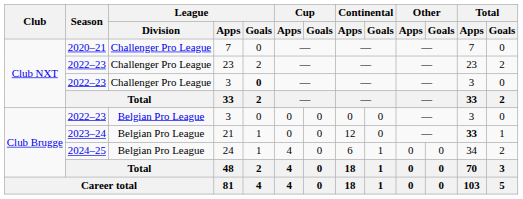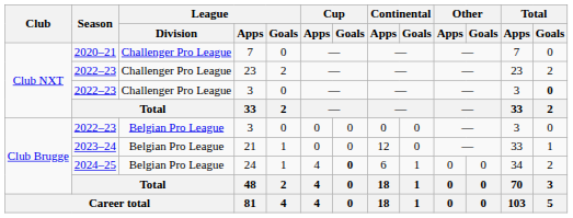 <table class=wikitable style=text-align:center>
 <tr>
 <th rowspan=2>Club</th>
 <th rowspan=2>Season</th>
 <th colspan=3>League</th>
 <th colspan=2>Cup</th>
 <th colspan=2>Continental</th>
 <th colspan=2>Other</th>
 <th colspan=2>Total</th>
 </tr>
 <tr>
 <th>Division</th>
 <th>Apps</th>
 <th>Goals</th>
 <th>Apps</th>
 <th>Goals</th>
 <th>Apps</th>
 <th>Goals</th>
 <th>Apps</th>
 <th>Goals</th>
 <th>Apps</th>
 <th>Goals</th>
 </tr>
 <tr>
 <td rowspan="4"><a href='#'>Club NXT</a></td>
 <td><a href='#'>2020–21</a></td>
 <td><a href='#'>Challenger Pro League</a></td>
 <td>7</td>
 <td>0</td>
 <td colspan="2">—</td>
 <td colspan="2">—</td>
 <td colspan="2">—</td>
 <td>7</td>
 <td>0</td>
 </tr>
 <tr>
 <td><a href='#'>2022–23</a></td>
 <td>Challenger Pro League</td>
 <td>23</td>
 <td>2</td>
 <td colspan="2">—</td>
 <td colspan="2">—</td>
 <td colspan="2">—</td>
 <td>23</td>
 <td>2</td>
 </tr>
 <tr>
 <td><a href='#'>2022–23</a></td>
 <td>Challenger Pro League</td>
 <td>3</td>
-<td><strong>0</strong></td>
+<td>0</td>
 <td colspan="2">—</td>
 <td colspan="2">—</td>
 <td colspan="2">—</td>
 <td>3</td>
-<td>0</td>
+<td><strong>0</strong></td>
 </tr>
 <tr>
 <th colspan=2>Total</th>
 <th>33</th>
 <th>2</th>
 <th colspan="2">—</th>
 <th colspan="2">—</th>
 <th colspan="2">—</th>
 <th>33</th>
 <th>2</th>
 </tr>
 <tr>
 <td rowspan="4"><a href='#'>Club Brugge</a></td>
 <td><a href='#'>2022–23</a></td>
 <td><a href='#'>Belgian Pro League</a></td>
 <td>3</td>
 <td>0</td>
 <td>0</td>
 <td>0</td>
 <td>0</td>
 <td>0</td>
 <td colspan="2">—</td>
 <td>3</td>
 <td>0</td>
 </tr>
 <tr>
 <td><a href='#'>2023–24</a></td>
 <td>Belgian Pro League</td>
 <td>21</td>
 <td>1</td>
 <td>0</td>
 <td>0</td>
 <td>12</td>
 <td>0</td>
 <td colspan="2">—</td>
-<td><strong>33</strong></td>
+<td>33</td>
 <td>1</td>
 </tr>
 <tr>
 <td><a href='#'>2024–25</a></td>
 <td>Belgian Pro League</td>
 <td>24</td>
 <td>1</td>
 <td>4</td>
-<td>0</td>
+<td><strong>0</strong></td>
 <td>6</td>
 <td>1</td>
 <td>0</td>
 <td>0</td>
 <td>34</td>
 <td>2</td>
 </tr>
 <tr>
 <th colspan=2>Total</th>
 <th>48</th>
 <th>2</th>
 <th>4</th>
 <th>0</th>
 <th>18</th>
 <th>1</th>
 <th>0</th>
 <th>0</th>
 <th>70</th>
 <th>3</th>
 </tr>
 <tr>
 <th colspan=3>Career total</th>
 <th>81</th>
 <th>4</th>
 <th>4</th>
 <th>0</th>
 <th>18</th>
 <th>1</th>
 <th>0</th>
 <th>0</th>
 <th>103</th>
 <th>5</th>
 </tr>
 </table>
